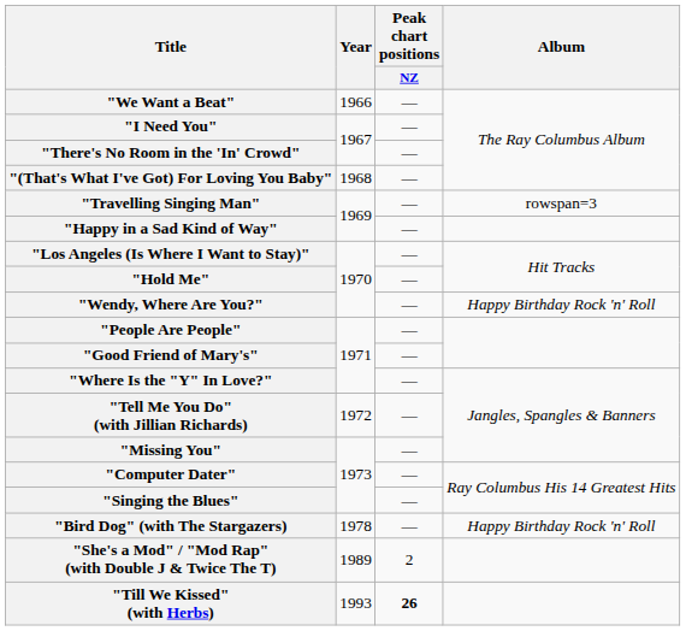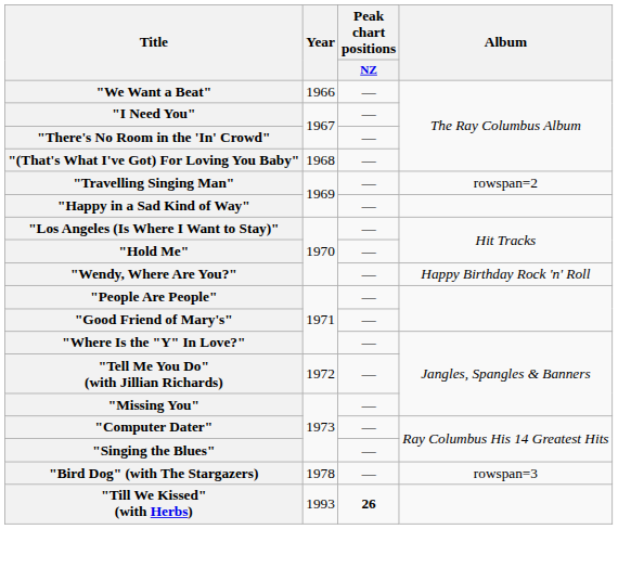 <table class="wikitable plainrowheaders" style="text-align:center;">
 <tr>
 <th scope="col" rowspan="2">Title</th>
 <th scope="col" rowspan="2">Year</th>
 <th scope="col" colspan="1">Peak chart positions</th>
 <th scope="col" rowspan="2">Album</th>
 </tr>
 <tr>
 <th style="width:3em;font-size:85%"><a href='#'>NZ</a><br></th>
 </tr>
 <tr>
 <th scope="row">"We Want a Beat"</th>
 <td>1966</td>
 <td>—</td>
 <td rowspan=4><em>The Ray Columbus Album</em></td>
 </tr>
 <tr>
 <th scope="row">"I Need You"</th>
 <td rowspan=2>1967</td>
 <td>—</td>
 </tr>
 <tr>
 <th scope="row">"There's No Room in the 'In' Crowd"</th>
 <td>—</td>
 </tr>
 <tr>
 <th scope="row">"(That's What I've Got) For Loving You Baby"</th>
 <td>1968</td>
 <td>—</td>
 </tr>
 <tr>
 <th scope="row">"Travelling Singing Man"</th>
 <td rowspan=2>1969</td>
 <td>—</td>
-<td>rowspan=3 </td>
+<td>rowspan=2 </td>
 </tr>
 <tr>
 <th scope="row">"Happy in a Sad Kind of Way"</th>
 <td>—</td>
 </tr>
 <tr>
 <th scope="row">"Los Angeles (Is Where I Want to Stay)"</th>
 <td rowspan=3>1970</td>
 <td>—</td>
 <td rowspan=2><em>Hit Tracks</em></td>
 </tr>
 <tr>
 <th scope="row">"Hold Me"</th>
 <td>—</td>
 </tr>
 <tr>
 <th scope="row">"Wendy, Where Are You?"</th>
 <td>—</td>
 <td><em>Happy Birthday Rock 'n' Roll</em></td>
 </tr>
 <tr>
 <th scope="row">"People Are People"</th>
 <td rowspan=3>1971</td>
 <td>—</td>
 </tr>
 <tr>
 <th scope="row">"Good Friend of Mary's"</th>
 <td>—</td>
 </tr>
 <tr>
 <th scope="row">"Where Is the "Y" In Love?"</th>
 <td>—</td>
 <td rowspan=3><em>Jangles, Spangles & Banners</em></td>
 </tr>
 <tr>
 <th scope="row">"Tell Me You Do" <br>(with Jillian Richards)</th>
 <td>1972</td>
 <td>—</td>
 </tr>
 <tr>
 <th scope="row">"Missing You"</th>
 <td rowspan=3>1973</td>
 <td>—</td>
 </tr>
 <tr>
 <th scope="row">"Computer Dater"</th>
 <td>—</td>
 <td rowspan=2><em>Ray Columbus His 14 Greatest Hits</em></td>
 </tr>
 <tr>
 <th scope="row">"Singing the Blues"</th>
 <td>—</td>
 </tr>
 <tr>
 <th scope="row">"Bird Dog" (with The Stargazers)</th>
 <td>1978</td>
 <td>—</td>
-<td><em>Happy Birthday Rock 'n' Roll</em></td>
-</tr>
-<tr>
-<th scope="row">"She's a Mod" / "Mod Rap" <br> (with Double J & Twice The T)</th>
-<td>1989</td>
-<td>2</td>
-<td></td>
+<td>rowspan=3 </td>
 </tr>
 <tr>
 <th scope="row">"Till We Kissed" <br> (with <a href='#'>Herbs</a>)</th>
 <td>1993</td>
 <td><strong>26</strong></td>
 <td></td>
 </tr>
 </table>
